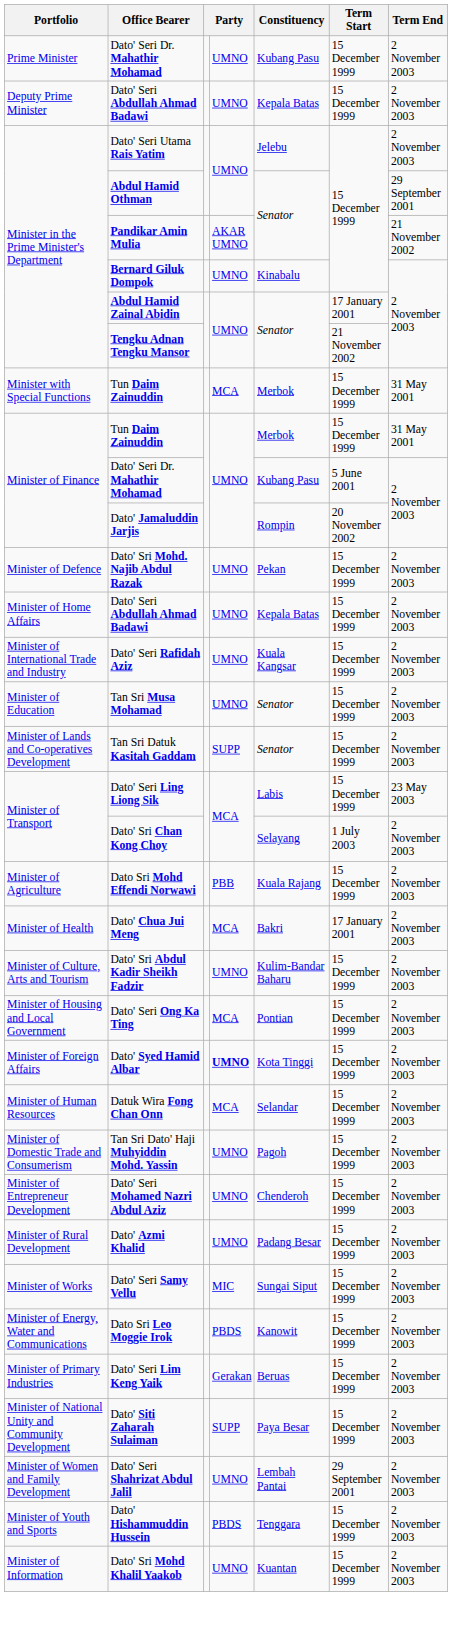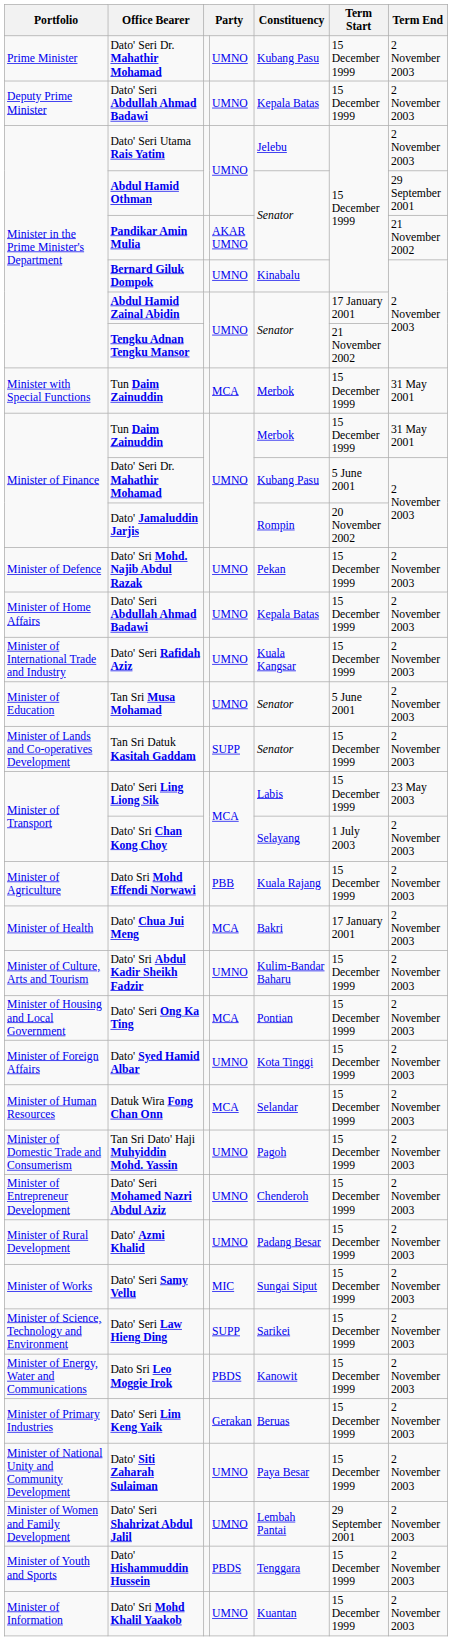 <table class="sortable wikitable">
 <tr>
 <th>Portfolio</th>
 <th>Office Bearer</th>
 <th colspan=2>Party</th>
 <th>Constituency</th>
 <th>Term Start</th>
 <th>Term End</th>
 </tr>
 <tr>
 <td><a href='#'>Prime Minister</a></td>
 <td>Dato' Seri Dr. <strong><a href='#'>Mahathir Mohamad</a></strong> </td>
 <td rowspan=1></td>
 <td><a href='#'>UMNO</a></td>
 <td><a href='#'>Kubang Pasu</a></td>
 <td>15 December 1999</td>
 <td>2 November 2003</td>
 </tr>
 <tr>
 <td><a href='#'>Deputy Prime Minister</a></td>
 <td>Dato' Seri <strong><a href='#'>Abdullah Ahmad Badawi</a></strong> </td>
 <td></td>
 <td><a href='#'>UMNO</a></td>
 <td><a href='#'>Kepala Batas</a></td>
 <td>15 December 1999</td>
 <td>2 November 2003</td>
 </tr>
 <tr>
 <td rowspan="6"><a href='#'>Minister in the Prime Minister's Department</a></td>
 <td>Dato' Seri Utama <strong><a href='#'>Rais Yatim</a></strong> </td>
 <td rowspan=2></td>
 <td rowspan=2><a href='#'>UMNO</a></td>
 <td><a href='#'>Jelebu</a></td>
 <td rowspan=4>15 December 1999</td>
 <td>2 November 2003</td>
 </tr>
 <tr>
 <td><strong><a href='#'>Abdul Hamid Othman</a></strong></td>
 <td rowspan=2><em>Senator</em></td>
 <td>29 September 2001</td>
 </tr>
 <tr>
 <td><strong><a href='#'>Pandikar Amin Mulia</a></strong></td>
 <td></td>
 <td><a href='#'>AKAR</a><br><a href='#'>UMNO</a></td>
 <td>21 November 2002</td>
 </tr>
 <tr>
 <td><strong><a href='#'>Bernard Giluk Dompok</a></strong> </td>
 <td></td>
 <td><a href='#'>UMNO</a></td>
 <td><a href='#'>Kinabalu</a></td>
 <td rowspan=3>2 November 2003</td>
 </tr>
 <tr>
 <td><strong><a href='#'>Abdul Hamid Zainal Abidin</a></strong></td>
 <td rowspan=2></td>
 <td rowspan=2><a href='#'>UMNO</a></td>
 <td rowspan=2><em>Senator</em></td>
 <td>17 January 2001</td>
 </tr>
 <tr>
 <td><strong><a href='#'>Tengku Adnan Tengku Mansor</a></strong></td>
 <td>21 November 2002</td>
 </tr>
 <tr>
 <td><a href='#'>Minister with Special Functions</a></td>
 <td>Tun <strong><a href='#'>Daim Zainuddin</a></strong> </td>
 <td></td>
 <td><a href='#'>MCA</a></td>
 <td><a href='#'>Merbok</a></td>
 <td>15 December 1999</td>
 <td>31 May 2001</td>
 </tr>
 <tr>
 <td rowspan="3"><a href='#'>Minister of Finance</a></td>
 <td>Tun <strong><a href='#'>Daim Zainuddin</a></strong> </td>
 <td rowspan=3></td>
 <td rowspan="3"><a href='#'>UMNO</a></td>
 <td><a href='#'>Merbok</a></td>
 <td>15 December 1999</td>
 <td>31 May 2001</td>
 </tr>
 <tr>
 <td>Dato' Seri Dr. <strong><a href='#'>Mahathir Mohamad</a></strong> </td>
 <td><a href='#'>Kubang Pasu</a></td>
 <td>5 June 2001</td>
 <td rowspan=2>2 November 2003</td>
 </tr>
 <tr>
 <td>Dato' <strong><a href='#'>Jamaluddin Jarjis</a></strong> </td>
 <td><a href='#'>Rompin</a></td>
 <td>20 November 2002</td>
 </tr>
 <tr>
 <td><a href='#'>Minister of Defence</a></td>
 <td>Dato' Sri <strong><a href='#'>Mohd. Najib Abdul Razak</a></strong> </td>
 <td></td>
 <td><a href='#'>UMNO</a></td>
 <td><a href='#'>Pekan</a></td>
 <td>15 December 1999</td>
 <td>2 November 2003</td>
 </tr>
 <tr>
 <td><a href='#'>Minister of Home Affairs</a></td>
 <td>Dato' Seri <strong><a href='#'>Abdullah Ahmad Badawi</a></strong> </td>
 <td rowspan=1></td>
 <td><a href='#'>UMNO</a></td>
 <td><a href='#'>Kepala Batas</a></td>
 <td>15 December 1999</td>
 <td>2 November 2003</td>
 </tr>
 <tr>
 <td><a href='#'>Minister of International Trade and Industry</a></td>
 <td>Dato' Seri <strong><a href='#'>Rafidah Aziz</a></strong> </td>
 <td rowspan=1></td>
 <td><a href='#'>UMNO</a></td>
 <td><a href='#'>Kuala Kangsar</a></td>
 <td>15 December 1999</td>
 <td>2 November 2003</td>
 </tr>
 <tr>
 <td><a href='#'>Minister of Education</a></td>
 <td>Tan Sri <strong><a href='#'>Musa Mohamad</a></strong></td>
 <td rowspan=1></td>
 <td><a href='#'>UMNO</a></td>
 <td><em>Senator</em></td>
-<td>15 December 1999</td>
+<td>5 June 2001</td>
 <td>2 November 2003</td>
 </tr>
 <tr>
 <td><a href='#'>Minister of Lands and Co-operatives Development</a></td>
 <td>Tan Sri Datuk <strong><a href='#'>Kasitah Gaddam</a></strong></td>
 <td rowspan=1></td>
 <td><a href='#'>SUPP</a></td>
 <td><em>Senator</em></td>
 <td>15 December 1999</td>
 <td>2 November 2003</td>
 </tr>
 <tr>
 <td rowspan=2><a href='#'>Minister of Transport</a></td>
 <td>Dato' Seri <strong><a href='#'>Ling Liong Sik</a></strong> </td>
 <td rowspan=2></td>
 <td rowspan=2><a href='#'>MCA</a></td>
 <td><a href='#'>Labis</a></td>
 <td>15 December 1999</td>
 <td>23 May 2003</td>
 </tr>
 <tr>
 <td>Dato' Sri <strong><a href='#'>Chan Kong Choy</a></strong> </td>
 <td><a href='#'>Selayang</a></td>
 <td>1 July 2003</td>
 <td>2 November 2003</td>
 </tr>
 <tr>
 <td><a href='#'>Minister of Agriculture</a></td>
 <td>Dato Sri <strong><a href='#'>Mohd Effendi Norwawi</a></strong> </td>
 <td rowspan=1></td>
 <td><a href='#'>PBB</a></td>
 <td><a href='#'>Kuala Rajang</a></td>
 <td>15 December 1999</td>
 <td>2 November 2003</td>
 </tr>
 <tr>
 <td><a href='#'>Minister of Health</a></td>
 <td>Dato' <strong><a href='#'>Chua Jui Meng</a></strong> </td>
 <td rowspan=1></td>
 <td><a href='#'>MCA</a></td>
 <td><a href='#'>Bakri</a></td>
 <td>17 January 2001</td>
 <td>2 November 2003</td>
 </tr>
 <tr>
 <td><a href='#'>Minister of Culture, Arts and Tourism</a></td>
 <td>Dato' Sri <strong><a href='#'>Abdul Kadir Sheikh Fadzir</a></strong> </td>
 <td rowspan=1></td>
 <td><a href='#'>UMNO</a></td>
 <td><a href='#'>Kulim-Bandar Baharu</a></td>
 <td>15 December 1999</td>
 <td>2 November 2003</td>
 </tr>
 <tr>
 <td><a href='#'>Minister of Housing and Local Government</a></td>
 <td>Dato' Seri <strong><a href='#'>Ong Ka Ting</a></strong> </td>
 <td rowspan=1></td>
 <td><a href='#'>MCA</a></td>
 <td><a href='#'>Pontian</a></td>
 <td>15 December 1999</td>
 <td>2 November 2003</td>
 </tr>
 <tr>
 <td><a href='#'>Minister of Foreign Affairs</a></td>
 <td>Dato' <strong><a href='#'>Syed Hamid Albar</a></strong> </td>
 <td rowspan=1></td>
-<td><strong><a href='#'>UMNO</a></strong></td>
+<td><a href='#'>UMNO</a></td>
 <td><a href='#'>Kota Tinggi</a></td>
 <td>15 December 1999</td>
 <td>2 November 2003</td>
 </tr>
 <tr>
 <td><a href='#'>Minister of Human Resources</a></td>
 <td>Datuk Wira <strong><a href='#'>Fong Chan Onn</a></strong> </td>
 <td rowspan=1></td>
 <td><a href='#'>MCA</a></td>
 <td><a href='#'>Selandar</a></td>
 <td>15 December 1999</td>
 <td>2 November 2003</td>
 </tr>
 <tr>
 <td><a href='#'>Minister of Domestic Trade and Consumerism</a></td>
 <td>Tan Sri Dato' Haji <strong><a href='#'>Muhyiddin Mohd. Yassin</a></strong> </td>
 <td rowspan=1></td>
 <td><a href='#'>UMNO</a></td>
 <td><a href='#'>Pagoh</a></td>
 <td>15 December 1999</td>
 <td>2 November 2003</td>
 </tr>
 <tr>
 <td><a href='#'>Minister of Entrepreneur Development</a></td>
 <td>Dato' Seri <strong><a href='#'>Mohamed Nazri Abdul Aziz</a></strong> </td>
 <td rowspan=1></td>
 <td><a href='#'>UMNO</a></td>
 <td><a href='#'>Chenderoh</a></td>
 <td>15 December 1999</td>
 <td>2 November 2003</td>
 </tr>
 <tr>
 <td><a href='#'>Minister of Rural Development</a></td>
 <td>Dato' <strong><a href='#'>Azmi Khalid</a></strong> </td>
 <td rowspan=1></td>
 <td><a href='#'>UMNO</a></td>
 <td><a href='#'>Padang Besar</a></td>
 <td>15 December 1999</td>
 <td>2 November 2003</td>
 </tr>
 <tr>
 <td><a href='#'>Minister of Works</a></td>
 <td>Dato' Seri <strong><a href='#'>Samy Vellu</a></strong> </td>
 <td rowspan=1></td>
 <td><a href='#'>MIC</a></td>
 <td><a href='#'>Sungai Siput</a></td>
 <td>15 December 1999</td>
 <td>2 November 2003</td>
 </tr>
 <tr>
+<td><a href='#'>Minister of Science, Technology and Environment</a></td>
+<td>Dato' Seri <strong><a href='#'>Law Hieng Ding</a></strong> </td>
+<td rowspan=1></td>
+<td><a href='#'>SUPP</a></td>
+<td><a href='#'>Sarikei</a></td>
+<td>15 December 1999</td>
+<td>2 November 2003</td>
+</tr>
+<tr>
 <td><a href='#'>Minister of Energy, Water and Communications</a></td>
 <td>Dato Sri <strong><a href='#'>Leo Moggie Irok</a></strong> </td>
 <td rowspan=1></td>
 <td><a href='#'>PBDS</a></td>
 <td><a href='#'>Kanowit</a></td>
 <td>15 December 1999</td>
 <td>2 November 2003</td>
 </tr>
 <tr>
 <td><a href='#'>Minister of Primary Industries</a></td>
 <td>Dato' Seri <strong><a href='#'>Lim Keng Yaik</a></strong> </td>
 <td rowspan=1></td>
 <td><a href='#'>Gerakan</a></td>
 <td><a href='#'>Beruas</a></td>
 <td>15 December 1999</td>
 <td>2 November 2003</td>
 </tr>
 <tr>
 <td><a href='#'>Minister of National Unity and Community Development</a></td>
 <td>Dato' <strong><a href='#'>Siti Zaharah Sulaiman</a></strong> </td>
 <td rowspan=1></td>
-<td><a href='#'>SUPP</a></td>
+<td><a href='#'>UMNO</a></td>
 <td><a href='#'>Paya Besar</a></td>
 <td>15 December 1999</td>
 <td>2 November 2003</td>
 </tr>
 <tr>
 <td><a href='#'>Minister of Women and Family Development</a></td>
 <td>Dato' Seri <strong><a href='#'>Shahrizat Abdul Jalil</a></strong> </td>
 <td rowspan=1></td>
 <td><a href='#'>UMNO</a></td>
 <td><a href='#'>Lembah Pantai</a></td>
 <td>29 September 2001</td>
 <td>2 November 2003</td>
 </tr>
 <tr>
 <td><a href='#'>Minister of Youth and Sports</a></td>
 <td>Dato' <strong><a href='#'>Hishammuddin Hussein</a></strong> </td>
 <td rowspan=1></td>
 <td><a href='#'>PBDS</a></td>
 <td><a href='#'>Tenggara</a></td>
 <td>15 December 1999</td>
 <td>2 November 2003</td>
 </tr>
 <tr>
 <td><a href='#'>Minister of Information</a></td>
 <td>Dato' Sri <strong><a href='#'>Mohd Khalil Yaakob</a></strong> </td>
 <td rowspan=1></td>
 <td><a href='#'>UMNO</a></td>
 <td><a href='#'>Kuantan</a></td>
 <td>15 December 1999</td>
 <td>2 November 2003</td>
 </tr>
 </table>
